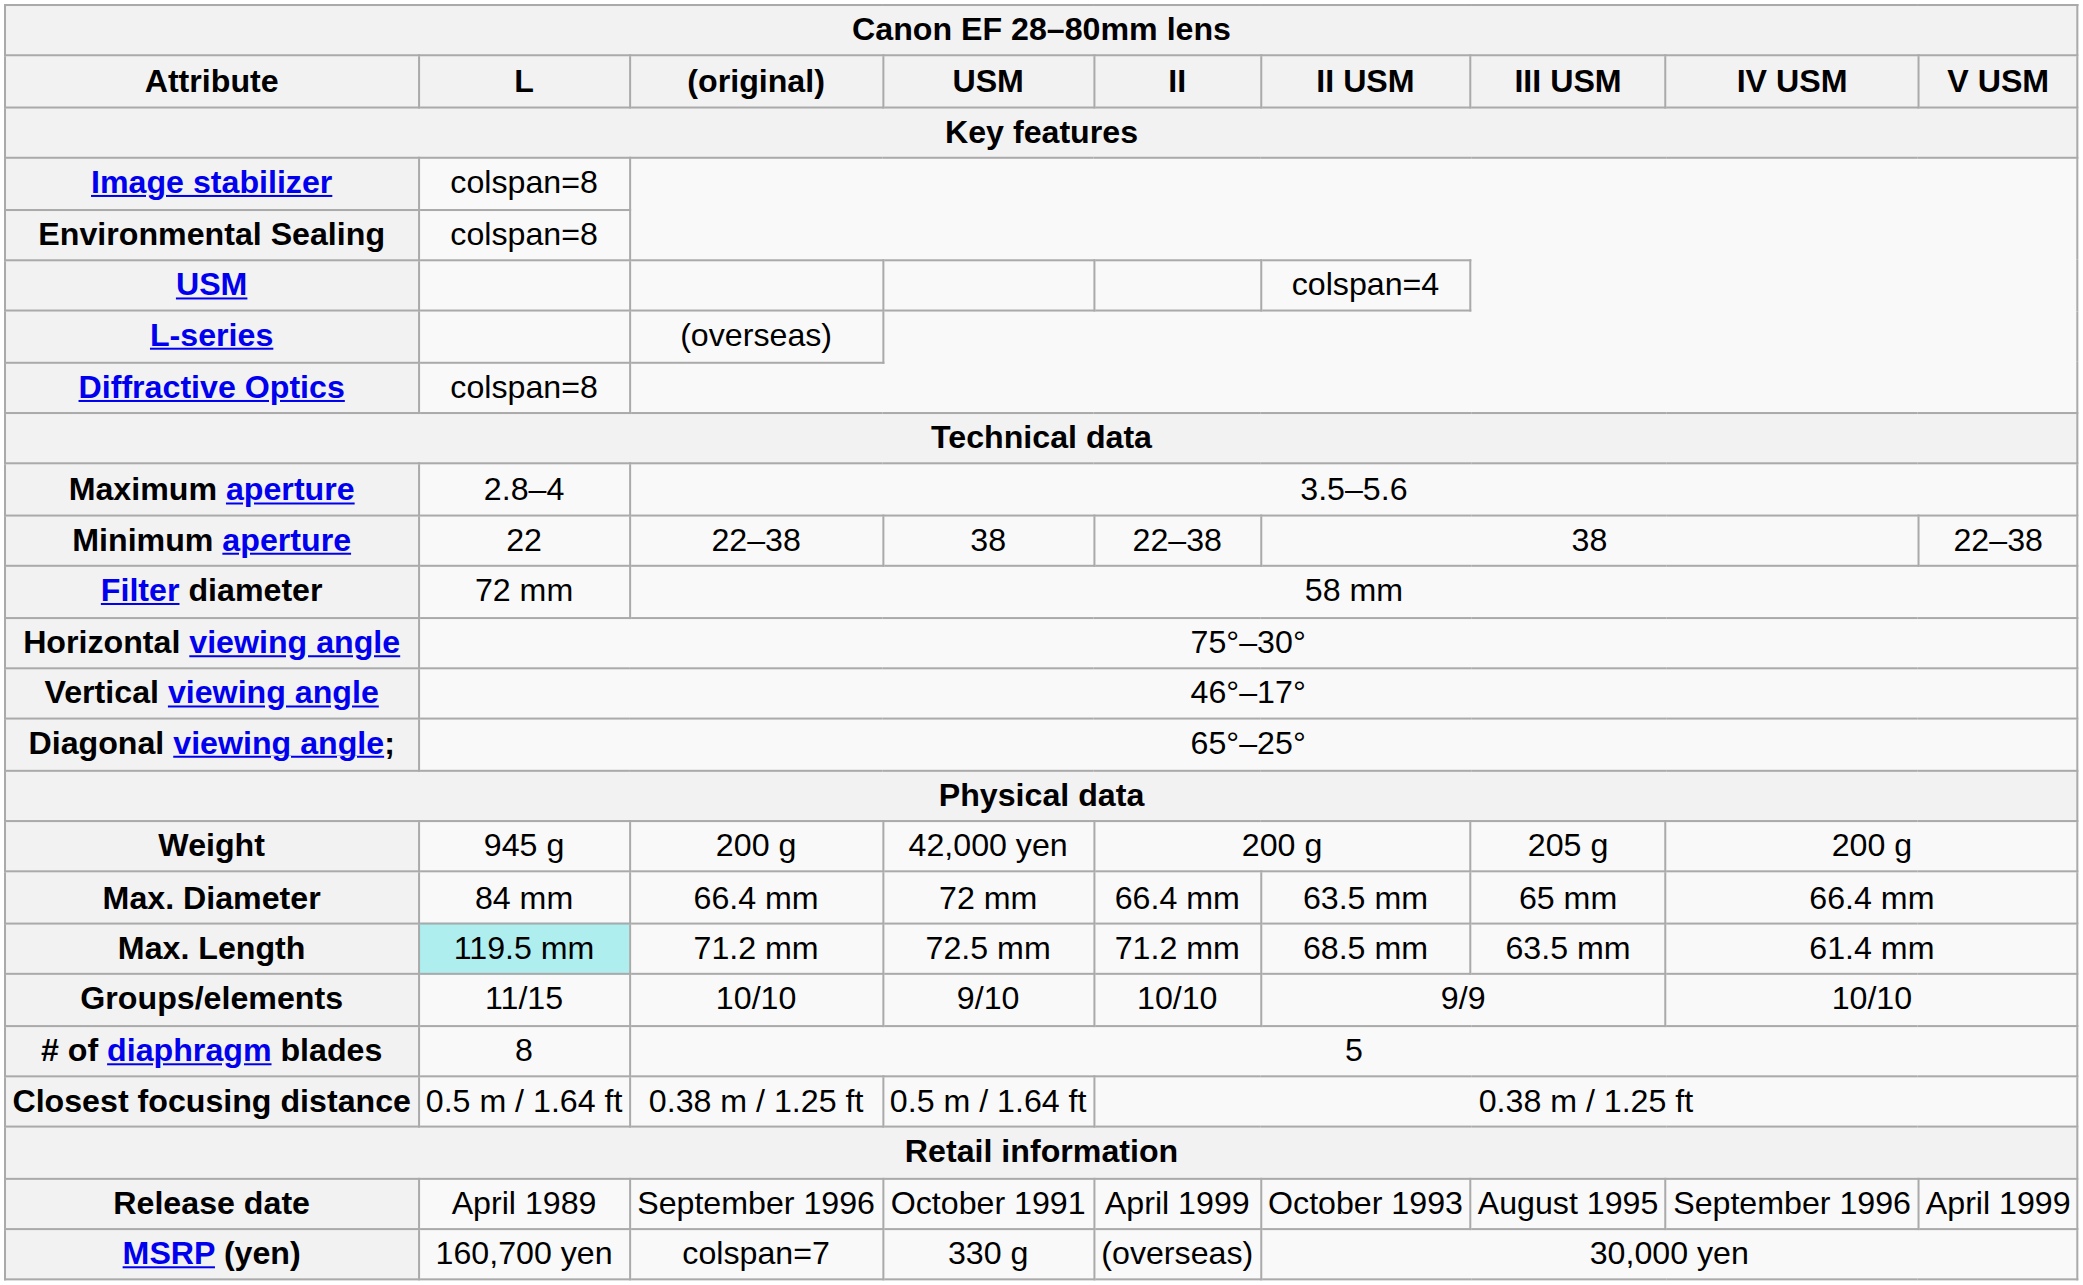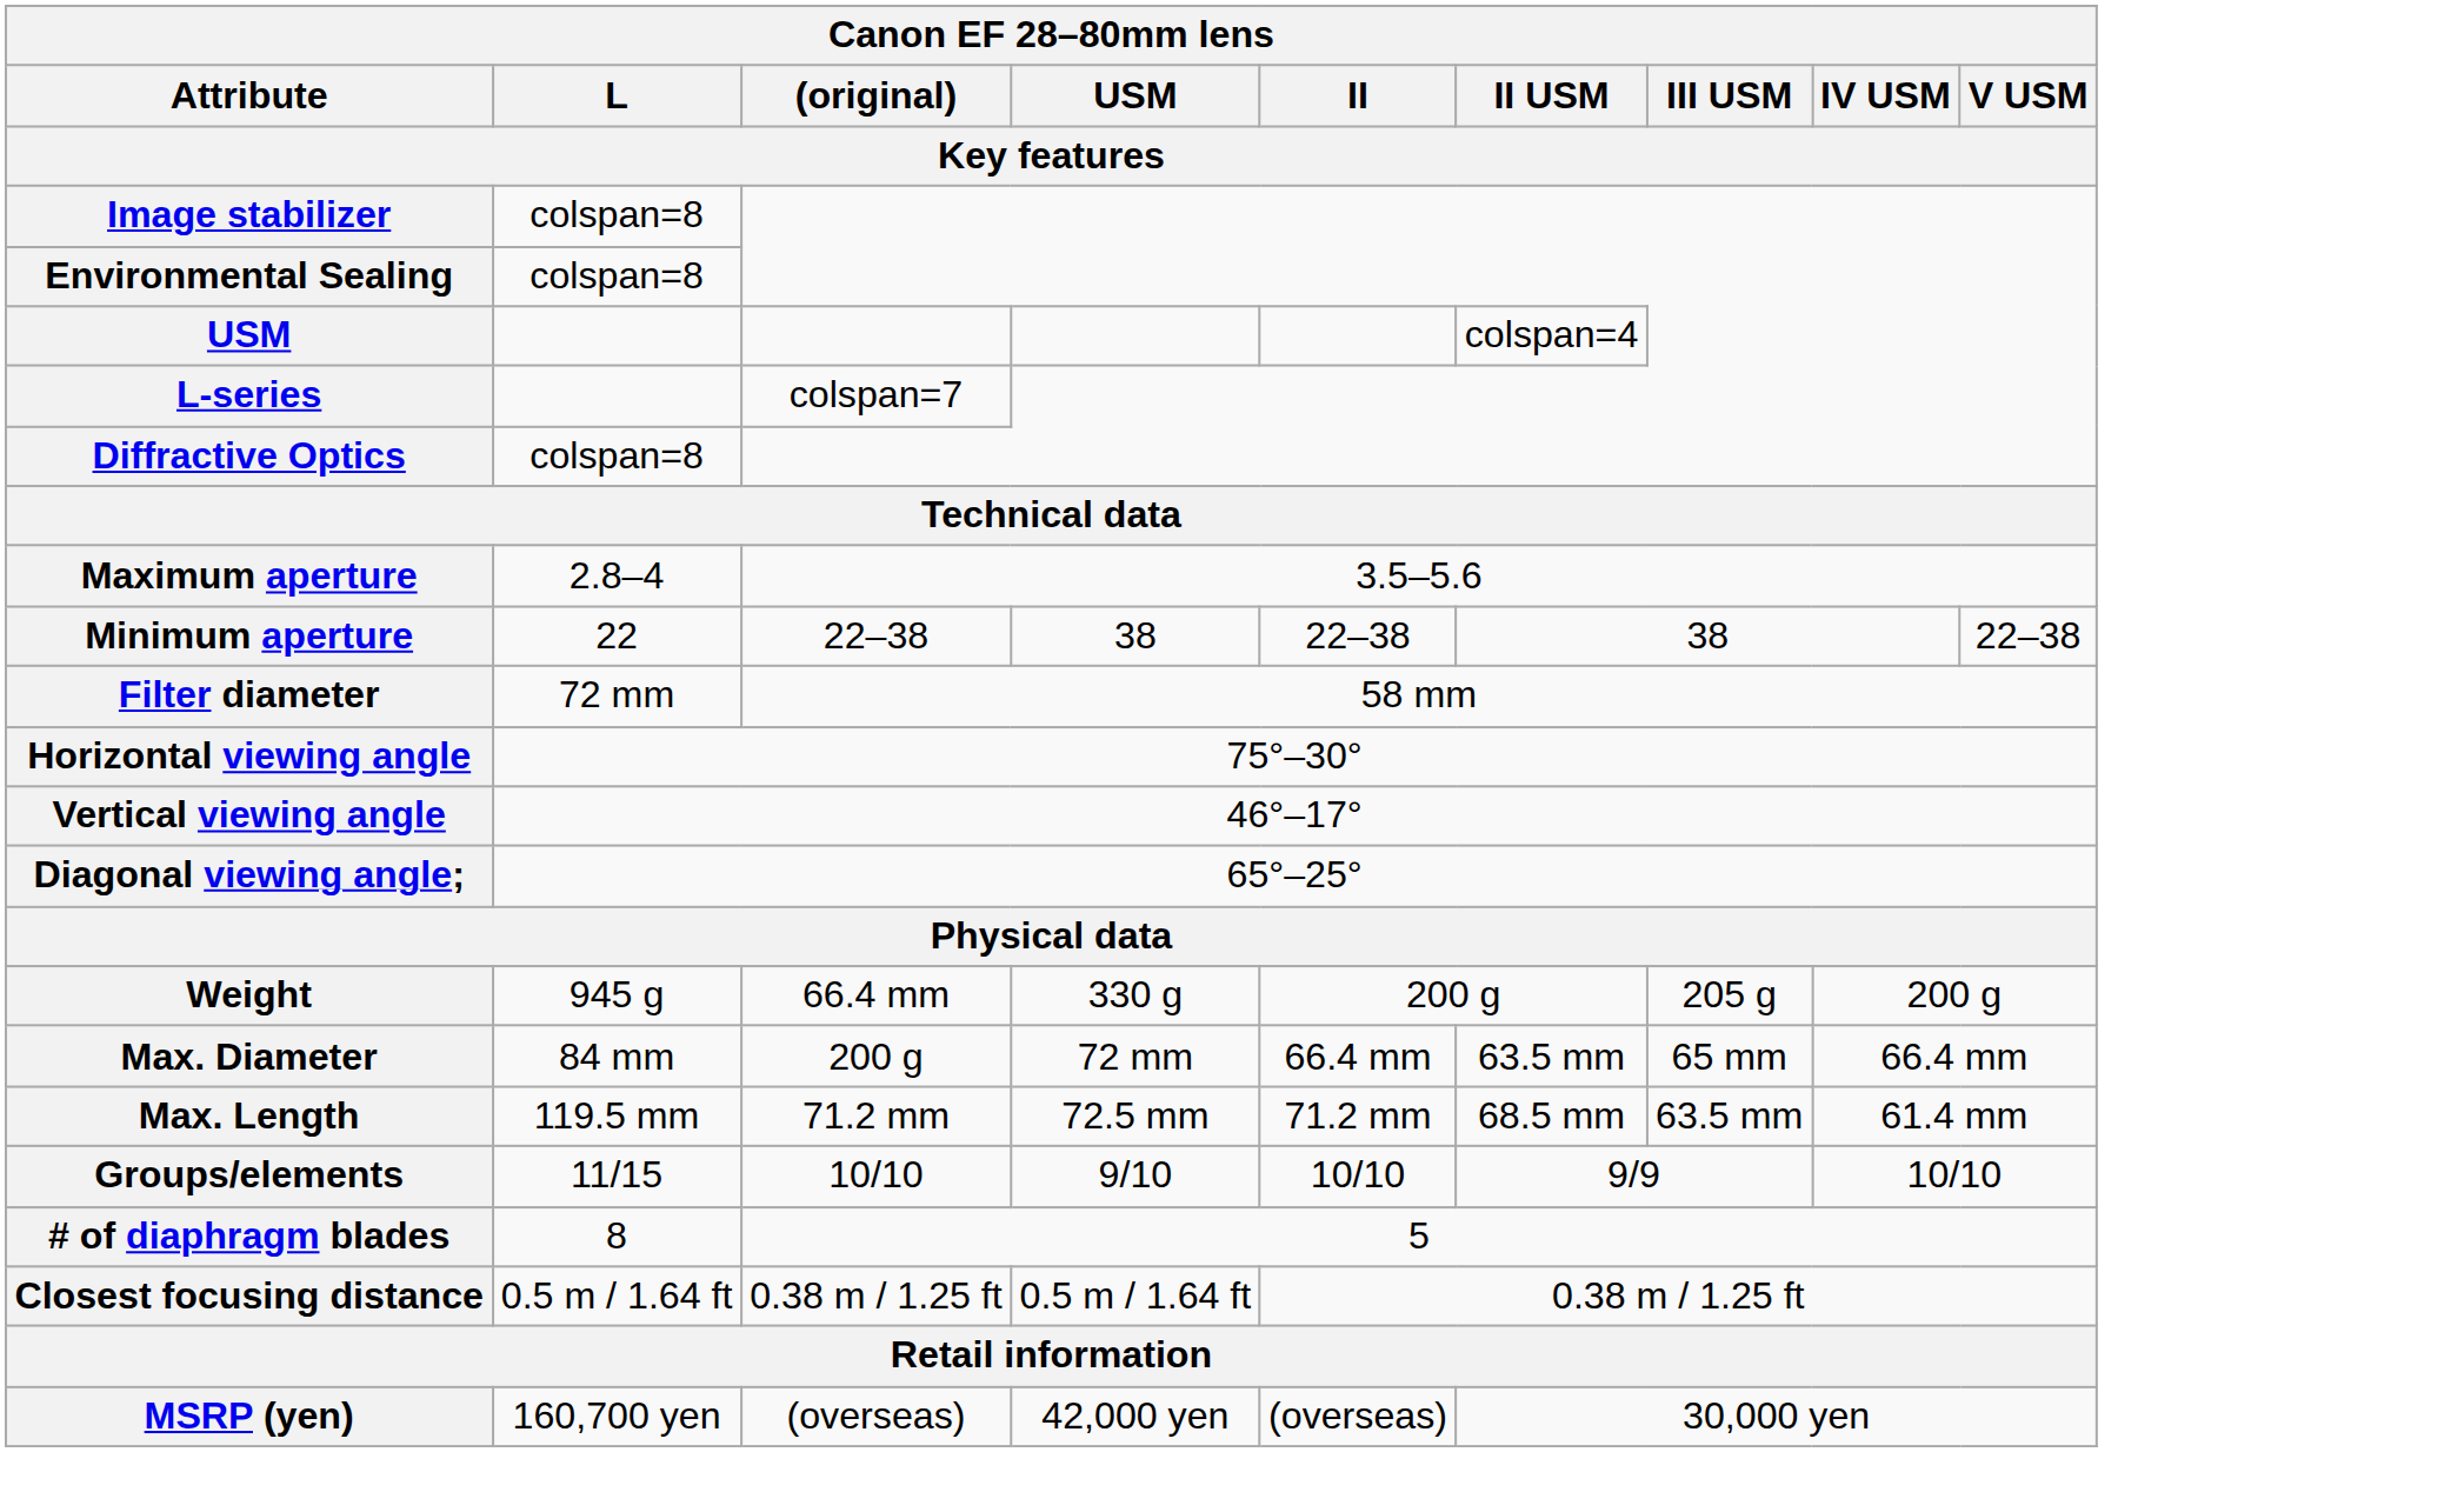 <table class="wikitable" style="text-align:center">
 <tr>
 </tr>
 <tr>
 <th colspan=9>Canon EF 28–80mm lens</th>
 </tr>
 <tr>
 <th>Attribute</th>
 <th>L</th>
 <th>(original)</th>
 <th>USM</th>
 <th>II</th>
 <th>II USM</th>
 <th>III USM</th>
 <th>IV USM</th>
 <th>V USM</th>
 </tr>
 <tr>
 <th colspan=9>Key features</th>
 </tr>
 <tr>
 <th><a href='#'>Image stabilizer</a></th>
 <td>colspan=8 </td>
 </tr>
 <tr>
 <th>Environmental Sealing</th>
 <td>colspan=8 </td>
 </tr>
 <tr>
 <th><a href='#'>USM</a></th>
 <td></td>
 <td></td>
 <td></td>
 <td></td>
 <td>colspan=4 </td>
 </tr>
 <tr>
 <th><a href='#'>L-series</a></th>
 <td></td>
-<td>(overseas)</td>
+<td>colspan=7 </td>
 </tr>
 <tr>
 <th><a href='#'>Diffractive Optics</a></th>
 <td>colspan=8 </td>
 </tr>
 <tr>
 <th colspan=9>Technical data</th>
 </tr>
 <tr>
 <th>Maximum <a href='#'>aperture</a></th>
 <td>2.8–4</td>
 <td colspan=7>3.5–5.6</td>
 </tr>
 <tr>
 <th>Minimum <a href='#'>aperture</a></th>
 <td>22</td>
 <td>22–38</td>
 <td>38</td>
 <td>22–38</td>
 <td colspan=3>38</td>
 <td>22–38</td>
 </tr>
 <tr>
 <th><a href='#'>Filter</a> diameter</th>
 <td>72 mm</td>
 <td colspan=7>58 mm</td>
 </tr>
 <tr>
 <th>Horizontal <a href='#'>viewing angle</a></th>
 <td colspan=8>75°–30°</td>
 </tr>
 <tr>
 <th>Vertical <a href='#'>viewing angle</a></th>
 <td colspan=8>46°–17°</td>
 </tr>
 <tr>
 <th>Diagonal <a href='#'>viewing angle</a>;</th>
 <td colspan=8>65°–25°</td>
 </tr>
 <tr>
 <th colspan=9>Physical data</th>
 </tr>
 <tr>
 <th>Weight</th>
 <td>945 g</td>
-<td>200 g</td>
-<td>42,000 yen</td>
+<td>66.4 mm</td>
+<td>330 g</td>
 <td colspan=2>200 g</td>
 <td>205 g</td>
 <td colspan=2>200 g</td>
 </tr>
 <tr>
 <th>Max. Diameter</th>
 <td>84 mm</td>
-<td>66.4 mm</td>
+<td>200 g</td>
 <td>72 mm</td>
 <td>66.4 mm</td>
 <td>63.5 mm</td>
 <td>65 mm</td>
 <td colspan=2>66.4 mm</td>
 </tr>
 <tr>
 <th>Max. Length</th>
-<td style="background: paleturquoise;">119.5 mm</td>
+<td>119.5 mm</td>
 <td>71.2 mm</td>
 <td>72.5 mm</td>
 <td>71.2 mm</td>
 <td>68.5 mm</td>
 <td>63.5 mm</td>
 <td colspan=2>61.4 mm</td>
 </tr>
 <tr>
 <th>Groups/elements</th>
 <td>11/15</td>
 <td>10/10</td>
 <td>9/10</td>
 <td>10/10</td>
 <td colspan=2>9/9</td>
 <td colspan=2>10/10</td>
 </tr>
 <tr>
 <th># of <a href='#'>diaphragm</a> blades</th>
 <td>8</td>
 <td colspan=7>5</td>
 </tr>
 <tr>
 <th>Closest focusing distance</th>
 <td>0.5 m / 1.64 ft</td>
 <td>0.38 m / 1.25 ft</td>
 <td>0.5 m / 1.64 ft</td>
 <td colspan=5>0.38 m / 1.25 ft</td>
 </tr>
 <tr>
 <th colspan=9>Retail information</th>
 </tr>
 <tr>
-<th>Release date</th>
-<td>April 1989</td>
-<td>September 1996</td>
-<td>October 1991</td>
-<td>April 1999</td>
-<td>October 1993</td>
-<td>August 1995</td>
-<td>September 1996</td>
-<td>April 1999</td>
-</tr>
-<tr>
 <th><a href='#'>MSRP</a> (yen)</th>
 <td>160,700 yen</td>
-<td>colspan=7 </td>
-<td>330 g</td>
+<td>(overseas)</td>
+<td>42,000 yen</td>
 <td>(overseas)</td>
 <td colspan=4>30,000 yen</td>
 </tr>
 </table>
